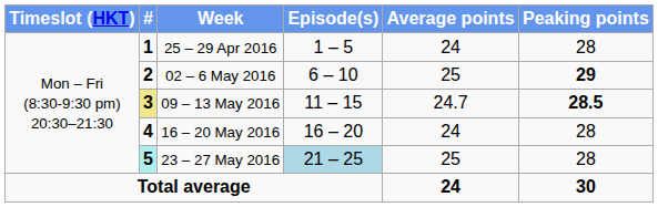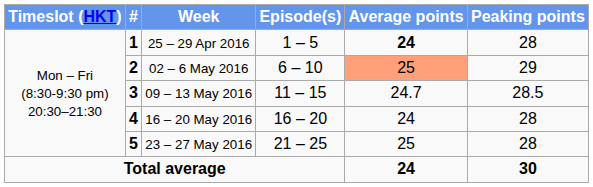 <table class="wikitable" style="text-align:center;">
 <tr>
 <th style="background:cornflowerblue; color:white;">Timeslot (<a href='#'>HKT</a>)</th>
 <th style="background:cornflowerblue; color:white;">#</th>
 <th style="background:cornflowerblue; color:white;">Week</th>
 <th style="background:cornflowerblue; color:white;">Episode(s)</th>
 <th style="background:cornflowerblue; color:white;">Average points</th>
 <th style="background:cornflowerblue; color:white;">Peaking points</th>
 </tr>
 <tr>
 <td rowspan="5"><small>Mon – Fri<br>(8:30-9:30 pm)<br>20:30–21:30</small></td>
 <td><strong>1</strong></td>
 <td><small>25 – 29 Apr 2016</small></td>
 <td>1 – 5</td>
-<td>24</td>
+<td><strong>24</strong></td>
 <td>28</td>
 </tr>
 <tr>
 <td><strong>2</strong></td>
 <td><small>02 – 6 May 2016</small></td>
 <td>6 – 10</td>
-<td>25</td>
-<td><strong>29</strong></td>
+<td style="background: lightsalmon;">25</td>
+<td>29</td>
 </tr>
 <tr>
-<td style="background: khaki;"><strong>3</strong></td>
+<td><strong>3</strong></td>
 <td><small>09 – 13 May 2016</small></td>
 <td>11 – 15</td>
 <td>24.7</td>
-<td><strong>28.5</strong></td>
+<td>28.5</td>
 </tr>
 <tr>
 <td><strong>4</strong></td>
 <td><small>16 – 20 May 2016</small></td>
 <td>16 – 20</td>
 <td>24</td>
 <td>28</td>
 </tr>
 <tr>
-<td style="background: paleturquoise;"><strong>5</strong></td>
+<td><strong>5</strong></td>
 <td><small>23 – 27 May 2016</small></td>
-<td style="background: lightblue;">21 – 25</td>
+<td>21 – 25</td>
 <td>25</td>
 <td>28</td>
 </tr>
 <tr>
 <td colspan="4"><strong>Total average</strong></td>
 <td><strong>24</strong></td>
 <td><strong>30</strong></td>
 </tr>
 </table>
